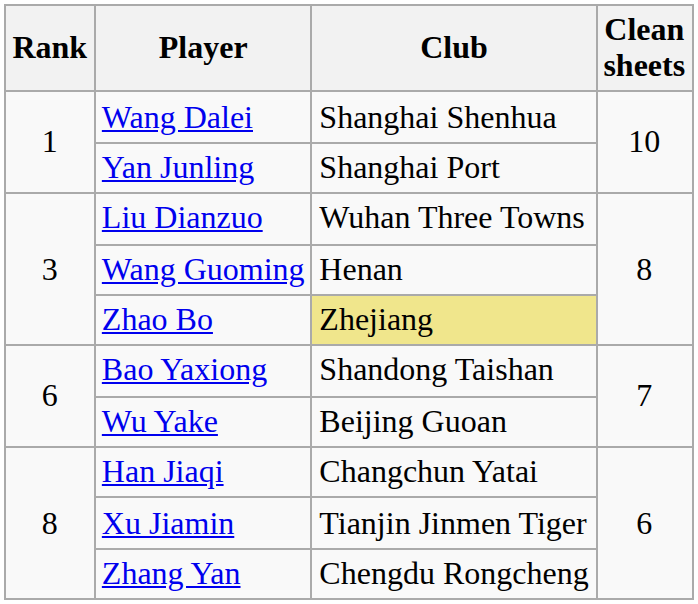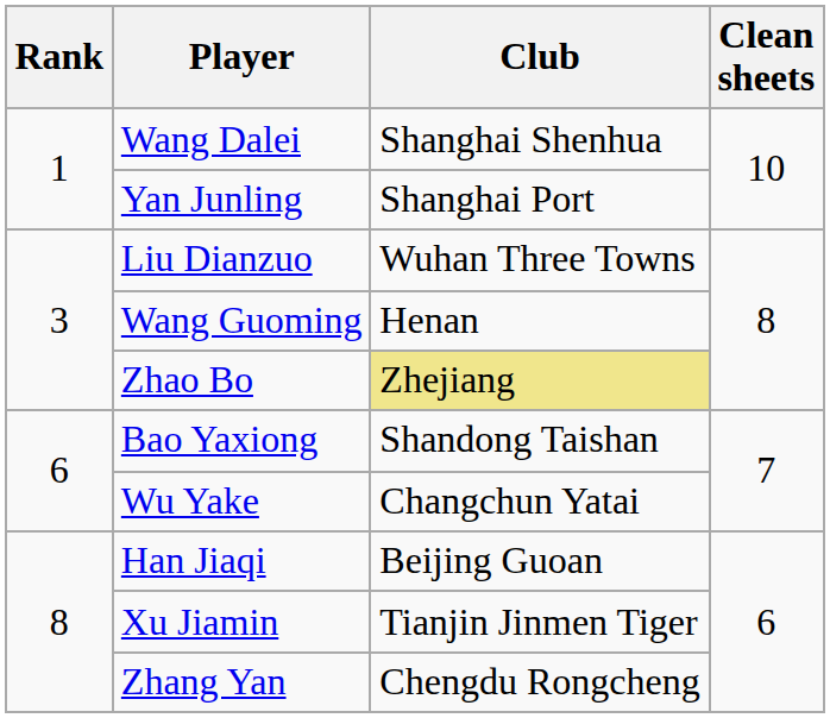 <table class="wikitable" style="text-align:center">
 <tr>
 <th>Rank</th>
 <th>Player</th>
 <th>Club</th>
 <th>Clean<br>sheets</th>
 </tr>
 <tr>
 <td rowspan=2>1</td>
 <td align="left"> <a href='#'>Wang Dalei</a></td>
 <td align="left">Shanghai Shenhua</td>
 <td rowspan=2>10</td>
 </tr>
 <tr>
 <td align="left"> <a href='#'>Yan Junling</a></td>
 <td align="left">Shanghai Port</td>
 </tr>
 <tr>
 <td rowspan=3>3</td>
 <td align="left"> <a href='#'>Liu Dianzuo</a></td>
 <td align="left">Wuhan Three Towns</td>
 <td rowspan=3>8</td>
 </tr>
 <tr>
 <td align="left"> <a href='#'>Wang Guoming</a></td>
 <td align="left">Henan</td>
 </tr>
 <tr>
 <td align="left"> <a href='#'>Zhao Bo</a></td>
 <td align="left" style="background: khaki;">Zhejiang</td>
 </tr>
 <tr>
 <td rowspan=2>6</td>
 <td align="left"> <a href='#'>Bao Yaxiong</a></td>
 <td align="left">Shandong Taishan</td>
 <td rowspan=2>7</td>
 </tr>
 <tr>
 <td align="left"> <a href='#'>Wu Yake</a></td>
-<td align="left">Beijing Guoan</td>
+<td align="left">Changchun Yatai</td>
 </tr>
 <tr>
 <td rowspan=3>8</td>
 <td align="left"> <a href='#'>Han Jiaqi</a></td>
-<td align="left">Changchun Yatai</td>
+<td align="left">Beijing Guoan</td>
 <td rowspan=3>6</td>
 </tr>
 <tr>
 <td align="left"> <a href='#'>Xu Jiamin</a></td>
 <td align="left">Tianjin Jinmen Tiger</td>
 </tr>
 <tr>
 <td align="left"> <a href='#'>Zhang Yan</a></td>
 <td align="left">Chengdu Rongcheng</td>
 </tr>
 </table>
